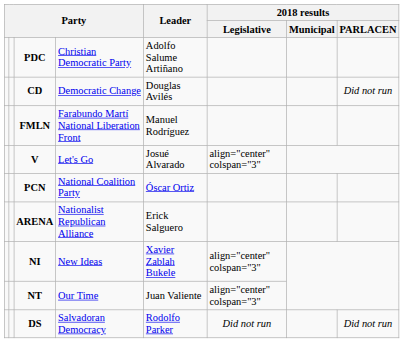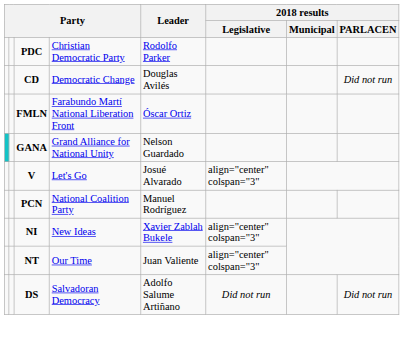 <table class="wikitable">
 <tr>
 <th rowspan="2" colspan="4">Party</th>
 <th rowspan="2">Leader</th>
 <th colspan="3">2018 results</th>
 </tr>
 <tr>
 <th>Legislative</th>
 <th>Municipal</th>
 <th>PARLACEN</th>
 </tr>
 <tr>
 <td style="background-color:"></td>
 <td style="text-align:center"></td>
 <td style="text-align:center"><strong>PDC</strong></td>
 <td><a href='#'>Christian Democratic Party</a><br></td>
-<td>Adolfo Salume Artiñano</td>
+<td><a href='#'>Rodolfo Parker</a></td>
 <td></td>
 <td></td>
 <td></td>
 </tr>
 <tr>
 <td style="background-color:"></td>
 <td style="text-align:center"></td>
 <td style="text-align:center"><strong>CD</strong></td>
 <td><a href='#'>Democratic Change</a><br></td>
 <td>Douglas Avilés</td>
 <td></td>
 <td></td>
 <td align="center"><em>Did not run</em></td>
 </tr>
 <tr>
 <td style="background-color:"></td>
 <td style="text-align:center"></td>
 <td style="text-align:center"><strong>FMLN</strong></td>
 <td><a href='#'>Farabundo Martí National Liberation Front</a><br></td>
-<td>Manuel Rodríguez</td>
+<td><a href='#'>Óscar Ortiz</a></td>
 <td></td>
 <td></td>
 <td></td>
+</tr>
+<tr>
+<td style="background-color:#13C3C6"></td>
+<td style="text-align:center"></td>
+<td style="text-align:center"><strong>GANA</strong></td>
+<td style="text-align:left"><a href='#'>Grand Alliance for National Unity</a><br></td>
+<td>Nelson Guardado</td>
+<td> </td>
+<td> </td>
+<td> </td>
 </tr>
 <tr>
 <td style="background-color:"></td>
 <td style="text-align:center"></td>
 <td style="text-align:center"><strong>V</strong></td>
 <td><a href='#'>Let's Go</a><br></td>
 <td>Josué Alvarado</td>
 <td>align="center" colspan="3" </td>
 </tr>
 <tr>
 <td style="background-color:"></td>
 <td style="text-align:center"></td>
 <td style="text-align:center"><strong>PCN</strong></td>
 <td><a href='#'>National Coalition Party</a><br></td>
-<td><a href='#'>Óscar Ortiz</a></td>
-<td></td>
-<td></td>
-<td></td>
-</tr>
-<tr>
-<td style="background-color:"></td>
-<td style="text-align:center"></td>
-<td style="text-align:center"><strong>ARENA</strong></td>
-<td><a href='#'>Nationalist Republican Alliance</a><br></td>
-<td>Erick Salguero</td>
+<td>Manuel Rodríguez</td>
 <td></td>
 <td></td>
 <td></td>
 </tr>
 <tr>
 <td style="background-color:"></td>
 <td style="text-align:center"></td>
 <td style="text-align:center"><strong>NI</strong></td>
 <td><a href='#'>New Ideas</a><br></td>
 <td><a href='#'>Xavier Zablah Bukele</a></td>
 <td>align="center" colspan="3" </td>
 </tr>
 <tr>
 <td style="background-color:"></td>
 <td style="text-align:center"></td>
 <td style="text-align:center"><strong>NT</strong></td>
 <td><a href='#'>Our Time</a><br></td>
 <td>Juan Valiente</td>
 <td>align="center" colspan="3" </td>
 </tr>
 <tr>
 <td style="background-color:"></td>
 <td style="text-align:center"></td>
 <td style="text-align:center"><strong>DS</strong></td>
 <td><a href='#'>Salvadoran Democracy</a><br></td>
-<td><a href='#'>Rodolfo Parker</a></td>
+<td>Adolfo Salume Artiñano</td>
 <td align="center"><em>Did not run</em></td>
 <td></td>
 <td align="center"><em>Did not run</em></td>
 </tr>
 </table>
